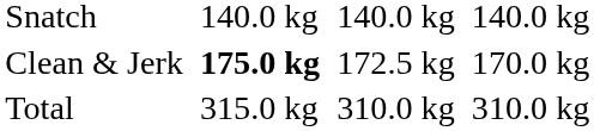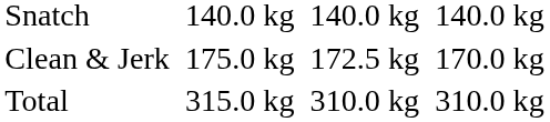 <table>
 <tr>
 <td>Snatch</td>
 <td></td>
 <td>140.0 kg</td>
 <td></td>
 <td>140.0 kg</td>
 <td></td>
 <td>140.0 kg</td>
 </tr>
 <tr>
 <td>Clean & Jerk</td>
 <td></td>
-<td><strong>175.0 kg</strong></td>
+<td>175.0 kg</td>
 <td></td>
 <td>172.5 kg</td>
 <td></td>
 <td>170.0 kg</td>
 </tr>
 <tr>
 <td>Total</td>
 <td></td>
 <td>315.0 kg</td>
 <td></td>
 <td>310.0 kg</td>
 <td></td>
 <td>310.0 kg</td>
 </tr>
 </table>
